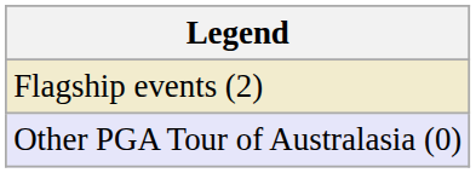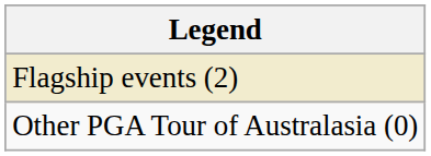 <table class="wikitable" style="font-size:95%;">
 <tr>
 <th>Legend</th>
 </tr>
 <tr style="background:#f2ecce;">
 <td>Flagship events (2)</td>
 </tr>
 <tr>
-<td style="background: lavender;">Other PGA Tour of Australasia (0)</td>
+<td>Other PGA Tour of Australasia (0)</td>
 </tr>
 </table>
